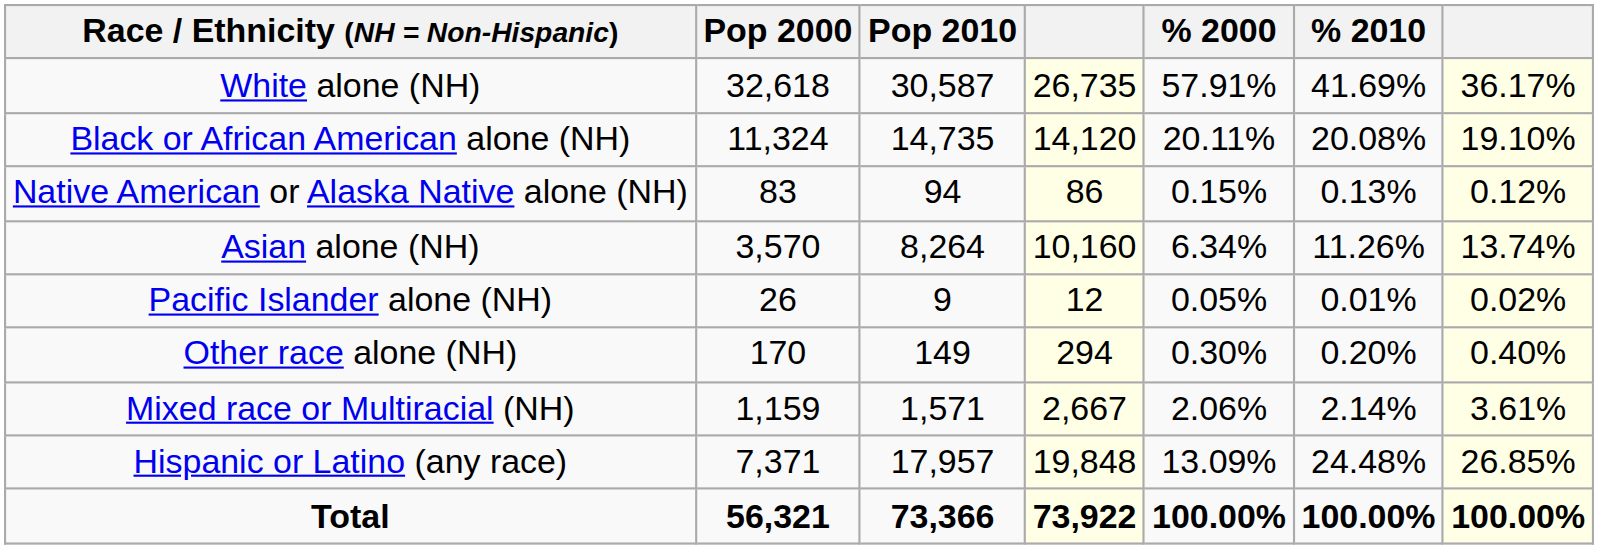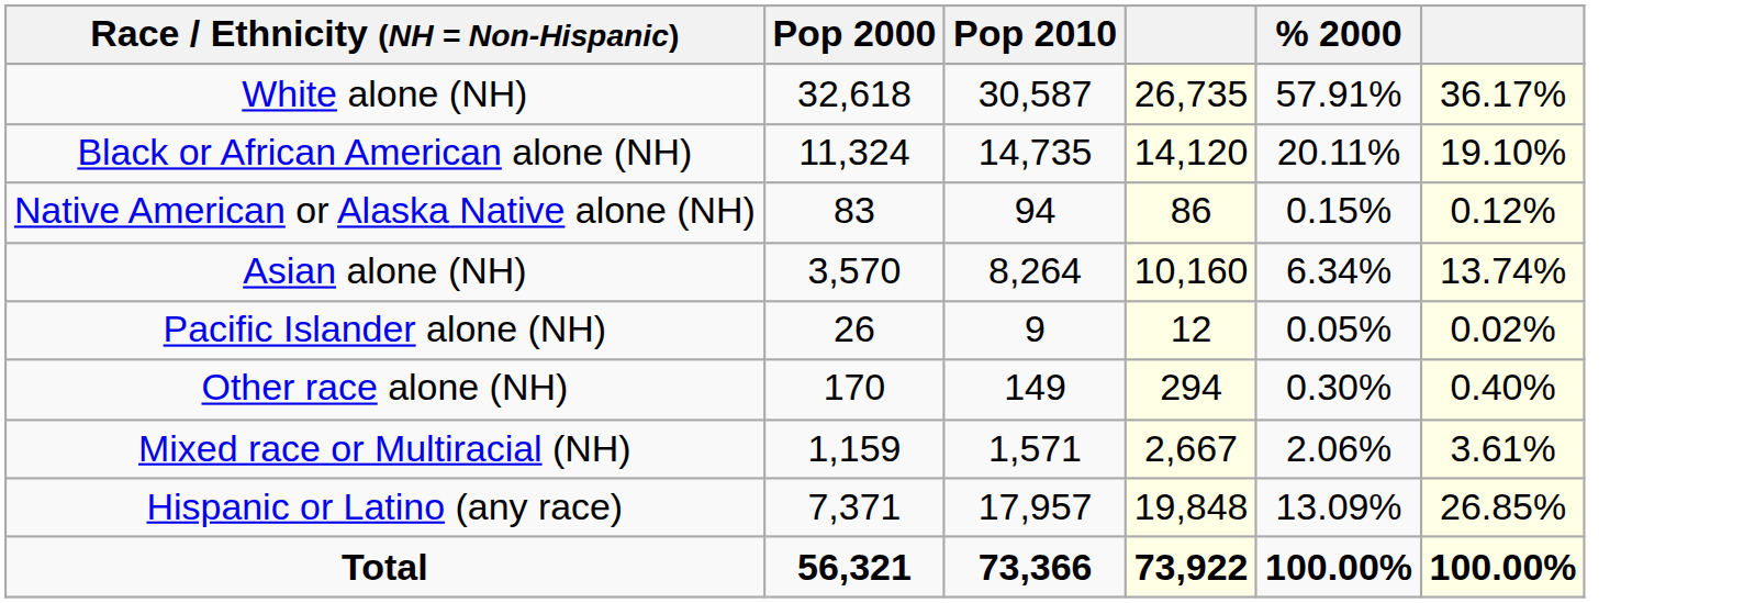 <table class="wikitable" style="text-align:center;">
 <tr>
 <th>Race / Ethnicity <small>(<em>NH = Non-Hispanic</em>)</small></th>
 <th>Pop 2000</th>
 <th>Pop 2010</th>
 <th></th>
 <th>% 2000</th>
-<th>% 2010</th>
 <th></th>
 </tr>
 <tr>
 <td><a href='#'>White</a> alone (NH)</td>
 <td>32,618</td>
 <td>30,587</td>
 <td style='background: #ffffe6;'>26,735</td>
 <td>57.91%</td>
-<td>41.69%</td>
 <td style='background: #ffffe6;'>36.17%</td>
 </tr>
 <tr>
 <td><a href='#'>Black or African American</a> alone (NH)</td>
 <td>11,324</td>
 <td>14,735</td>
 <td style='background: #ffffe6;'>14,120</td>
 <td>20.11%</td>
-<td>20.08%</td>
 <td style='background: #ffffe6;'>19.10%</td>
 </tr>
 <tr>
 <td><a href='#'>Native American</a> or <a href='#'>Alaska Native</a> alone (NH)</td>
 <td>83</td>
 <td>94</td>
 <td style='background: #ffffe6;'>86</td>
 <td>0.15%</td>
-<td>0.13%</td>
 <td style='background: #ffffe6;'>0.12%</td>
 </tr>
 <tr>
 <td><a href='#'>Asian</a> alone (NH)</td>
 <td>3,570</td>
 <td>8,264</td>
 <td style='background: #ffffe6;'>10,160</td>
 <td>6.34%</td>
-<td>11.26%</td>
 <td style='background: #ffffe6;'>13.74%</td>
 </tr>
 <tr>
 <td><a href='#'>Pacific Islander</a> alone (NH)</td>
 <td>26</td>
 <td>9</td>
 <td style='background: #ffffe6;'>12</td>
 <td>0.05%</td>
-<td>0.01%</td>
 <td style='background: #ffffe6;'>0.02%</td>
 </tr>
 <tr>
 <td><a href='#'>Other race</a> alone (NH)</td>
 <td>170</td>
 <td>149</td>
 <td style='background: #ffffe6;'>294</td>
 <td>0.30%</td>
-<td>0.20%</td>
 <td style='background: #ffffe6;'>0.40%</td>
 </tr>
 <tr>
 <td><a href='#'>Mixed race or Multiracial</a> (NH)</td>
 <td>1,159</td>
 <td>1,571</td>
 <td style='background: #ffffe6;'>2,667</td>
 <td>2.06%</td>
-<td>2.14%</td>
 <td style='background: #ffffe6;'>3.61%</td>
 </tr>
 <tr>
 <td><a href='#'>Hispanic or Latino</a> (any race)</td>
 <td>7,371</td>
 <td>17,957</td>
 <td style='background: #ffffe6;'>19,848</td>
 <td>13.09%</td>
-<td>24.48%</td>
 <td style='background: #ffffe6;'>26.85%</td>
 </tr>
 <tr>
 <td><strong>Total</strong></td>
 <td><strong>56,321</strong></td>
 <td><strong>73,366</strong></td>
 <td style='background: #ffffe6;'><strong>73,922</strong></td>
 <td><strong>100.00%</strong></td>
-<td><strong>100.00%</strong></td>
 <td style='background: #ffffe6;'><strong>100.00%</strong></td>
 </tr>
 </table>
